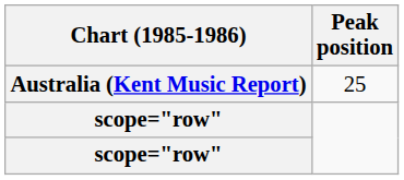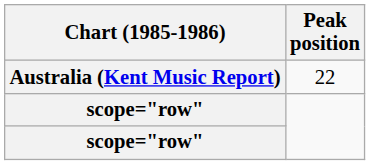 <table class="wikitable sortable plainrowheaders">
 <tr>
 <th>Chart (1985-1986)</th>
 <th>Peak<br>position</th>
 </tr>
 <tr>
 <th scope="row">Australia (<a href='#'>Kent Music Report</a>)</th>
-<td align="center">25</td>
+<td align="center">22</td>
 </tr>
 <tr>
 <th>scope="row"</th>
 </tr>
 <tr>
 <th>scope="row"</th>
 </tr>
 </table>
